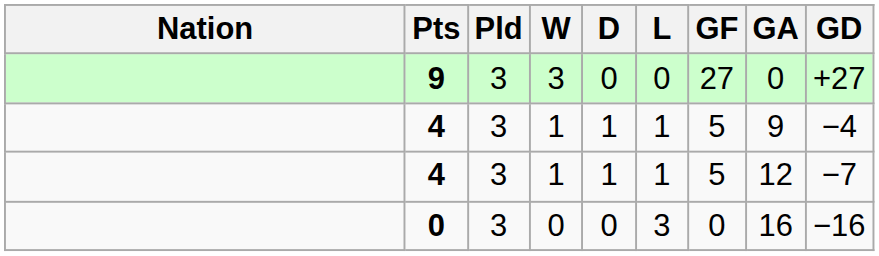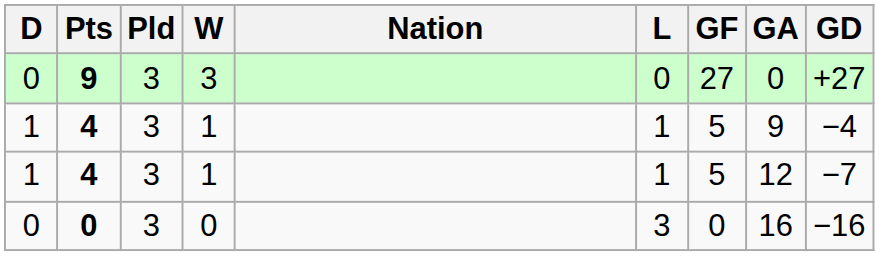 <table class="wikitable" style="text-align: center;">
 <tr>
-<th width=200>Nation</th>
+<th width=20>D</th>
 <th width=20>Pts</th>
 <th width=20>Pld</th>
 <th width=20>W</th>
-<th width=20>D</th>
+<th width=200>Nation</th>
 <th width=20>L</th>
 <th width=20>GF</th>
 <th width=20>GA</th>
 <th width=20>GD</th>
 </tr>
 <tr style="background:#ccffcc">
-<td style="text-align:left"></td>
+<td>0</td>
 <td><strong>9</strong></td>
 <td>3</td>
 <td>3</td>
-<td>0</td>
+<td style="text-align:left"></td>
 <td>0</td>
 <td>27</td>
 <td>0</td>
 <td>+27</td>
 </tr>
 <tr>
-<td style="text-align:left"></td>
+<td>1</td>
 <td><strong>4</strong></td>
 <td>3</td>
 <td>1</td>
-<td>1</td>
+<td style="text-align:left"></td>
 <td>1</td>
 <td>5</td>
 <td>9</td>
 <td>−4</td>
 </tr>
 <tr>
-<td style="text-align:left"></td>
+<td>1</td>
 <td><strong>4</strong></td>
 <td>3</td>
 <td>1</td>
-<td>1</td>
+<td style="text-align:left"></td>
 <td>1</td>
 <td>5</td>
 <td>12</td>
 <td>−7</td>
 </tr>
 <tr>
-<td style="text-align:left"></td>
+<td>0</td>
 <td><strong>0</strong></td>
 <td>3</td>
 <td>0</td>
-<td>0</td>
+<td style="text-align:left"></td>
 <td>3</td>
 <td>0</td>
 <td>16</td>
 <td>−16</td>
 </tr>
 </table>
